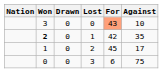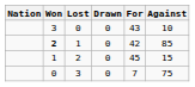 <table class="wikitable" style="text-align: center;">
 <tr>
 <th>Nation</th>
 <th>Won</th>
+<th>Lost</th>
 <th>Drawn</th>
-<th>Lost</th>
 <th>For</th>
 <th>Against</th>
 </tr>
 <tr>
 <td align=left></td>
 <td>3</td>
 <td>0</td>
 <td>0</td>
-<td style="background: lightsalmon;">43</td>
+<td>43</td>
 <td>10</td>
 </tr>
 <tr>
 <td align=left></td>
 <td><strong>2</strong></td>
+<td>1</td>
 <td>0</td>
-<td>1</td>
 <td>42</td>
-<td>35</td>
+<td>85</td>
 </tr>
 <tr>
 <td align=left></td>
 <td>1</td>
+<td>2</td>
 <td>0</td>
-<td>2</td>
 <td>45</td>
-<td>17</td>
+<td>15</td>
 </tr>
 <tr>
 <td align=left></td>
 <td>0</td>
+<td>3</td>
 <td>0</td>
-<td>3</td>
-<td>6</td>
+<td>7</td>
 <td>75</td>
 </tr>
 </table>
